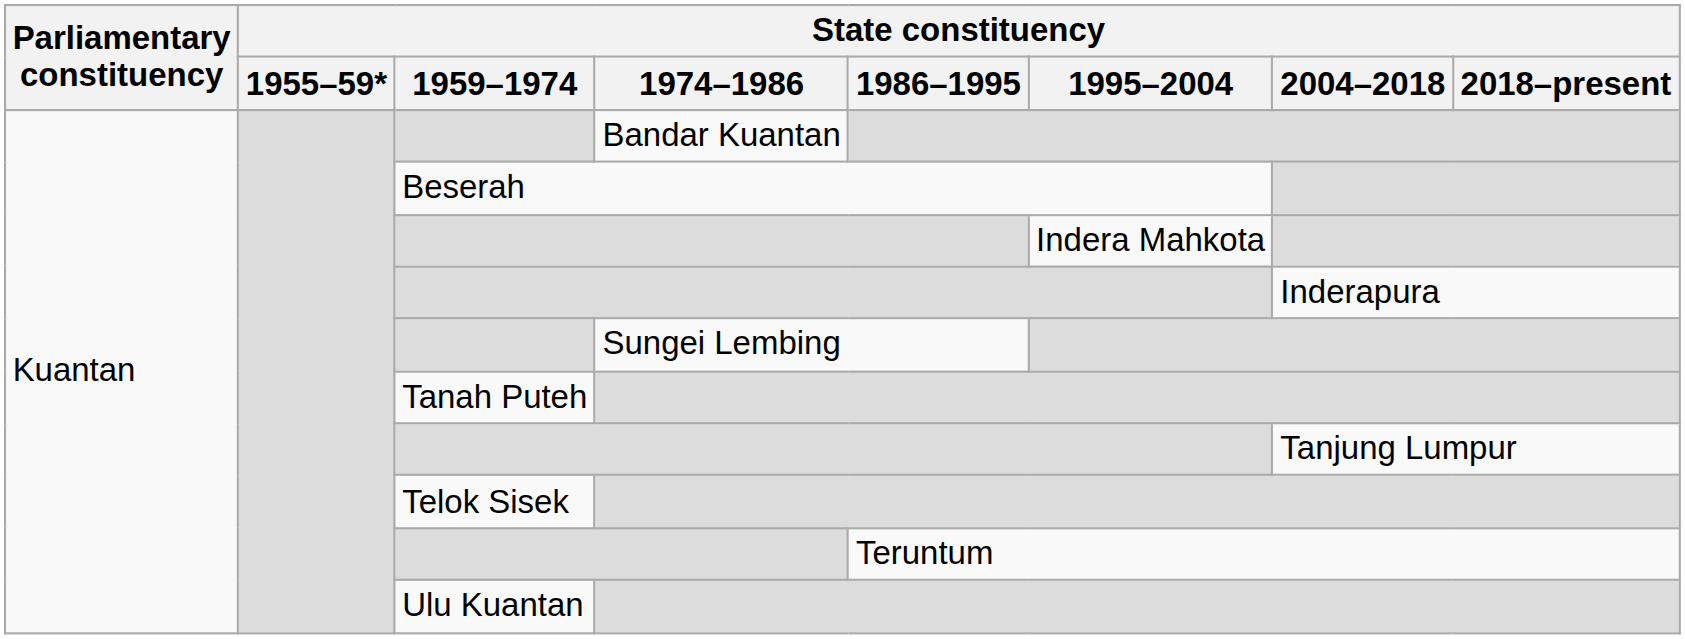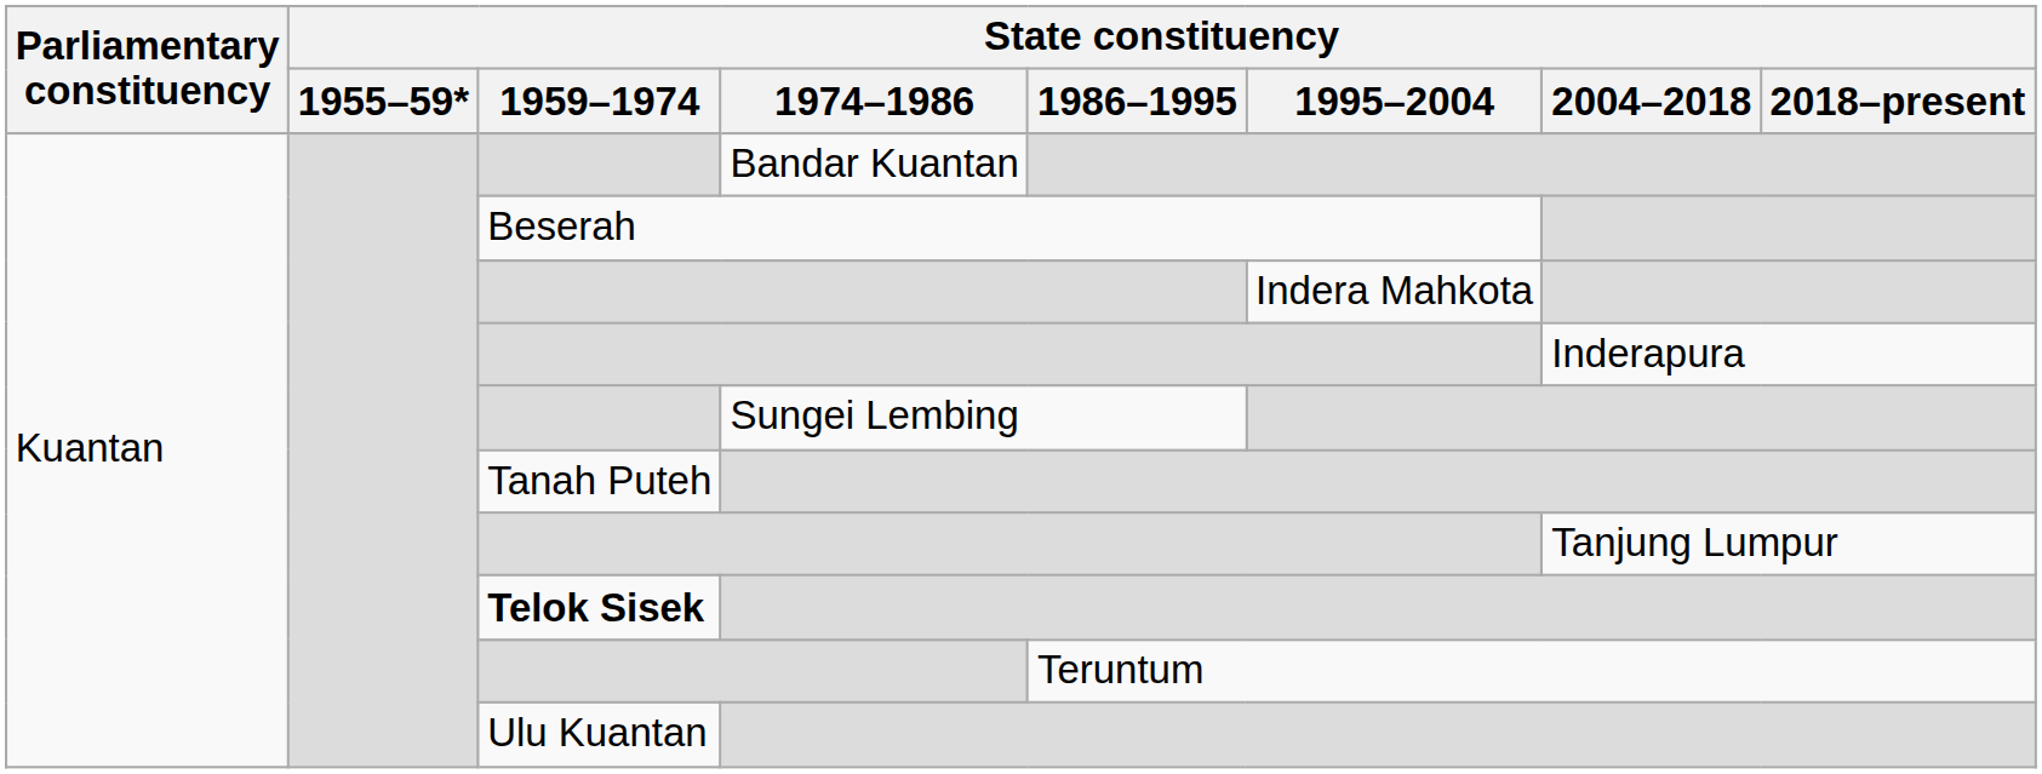 <table class="wikitable">
 <tr>
 <th rowspan="2">Parliamentary<br>constituency</th>
 <th colspan="7">State constituency</th>
 </tr>
 <tr>
 <th>1955–59*</th>
 <th>1959–1974</th>
 <th>1974–1986</th>
 <th>1986–1995</th>
 <th>1995–2004</th>
 <th>2004–2018</th>
 <th>2018–present</th>
 </tr>
 <tr>
 <td rowspan="10">Kuantan</td>
 <td rowspan="10" bgcolor="dcdcdc"></td>
 <td bgcolor="dcdcdc"></td>
 <td>Bandar Kuantan</td>
 <td colspan="4" bgcolor="dcdcdc"></td>
 </tr>
 <tr>
 <td colspan="4">Beserah</td>
 <td colspan="2" bgcolor="dcdcdc"></td>
 </tr>
 <tr>
 <td colspan="3" bgcolor="dcdcdc"></td>
 <td>Indera Mahkota</td>
 <td colspan="2" bgcolor="dcdcdc"></td>
 </tr>
 <tr>
 <td colspan="4" bgcolor="dcdcdc"></td>
 <td colspan="2">Inderapura</td>
 </tr>
 <tr>
 <td bgcolor="dcdcdc"></td>
 <td colspan="2">Sungei Lembing</td>
 <td colspan="3" bgcolor="dcdcdc"></td>
 </tr>
 <tr>
 <td>Tanah Puteh</td>
 <td colspan="5" bgcolor="dcdcdc"></td>
 </tr>
 <tr>
 <td colspan="4" bgcolor="dcdcdc"></td>
 <td colspan="2">Tanjung Lumpur</td>
 </tr>
 <tr>
-<td>Telok Sisek</td>
+<td><strong>Telok Sisek</strong></td>
 <td colspan="5" bgcolor="dcdcdc"></td>
 </tr>
 <tr>
 <td colspan="2" bgcolor="dcdcdc"></td>
 <td colspan="4">Teruntum</td>
 </tr>
 <tr>
 <td>Ulu Kuantan</td>
 <td colspan="5" bgcolor="dcdcdc"></td>
 </tr>
 </table>
